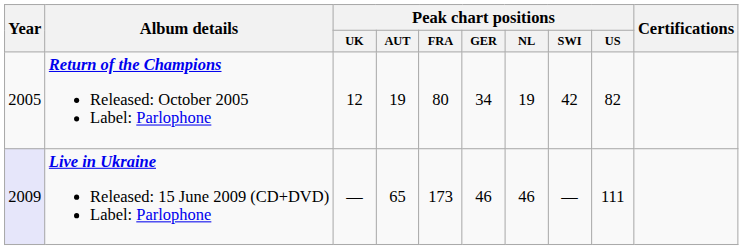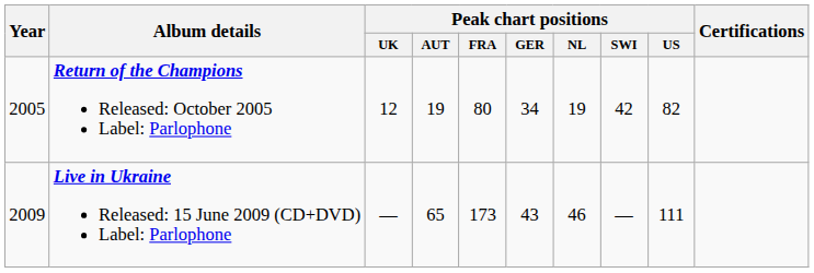 <table class="wikitable" style="text-align:center;">
 <tr>
 <th rowspan="2">Year</th>
 <th rowspan="2">Album details</th>
 <th colspan="7">Peak chart positions</th>
 <th rowspan="2">Certifications</th>
 </tr>
 <tr>
 <th style="width:3em;font-size:75%;">UK<br></th>
 <th style="width:3em;font-size:75%;">AUT<br></th>
 <th style="width:3em;font-size:75%;">FRA<br></th>
 <th style="width:3em;font-size:75%;">GER<br></th>
 <th style="width:3em;font-size:75%;">NL<br></th>
 <th style="width:3em;font-size:75%;">SWI<br></th>
 <th style="width:3em;font-size:75%;">US<br></th>
 </tr>
 <tr>
 <td>2005</td>
 <td align="left"><strong><em><a href='#'>Return of the Champions</a></em></strong><br><ul><li>Released: October 2005</li><li>Label: <a href='#'>Parlophone</a></li></ul></td>
 <td>12</td>
 <td>19</td>
 <td>80</td>
 <td>34</td>
 <td>19</td>
 <td>42</td>
 <td>82</td>
 <td></td>
 </tr>
 <tr>
-<td style="background: lavender;">2009</td>
+<td>2009</td>
 <td align="left"><strong><em><a href='#'>Live in Ukraine</a></em></strong><br><ul><li>Released: 15 June 2009 (CD+DVD)</li><li>Label: <a href='#'>Parlophone</a></li></ul></td>
 <td>—</td>
 <td>65</td>
 <td>173</td>
-<td>46</td>
+<td>43</td>
 <td>46</td>
 <td>—</td>
 <td>111</td>
 <td></td>
 </tr>
 </table>
